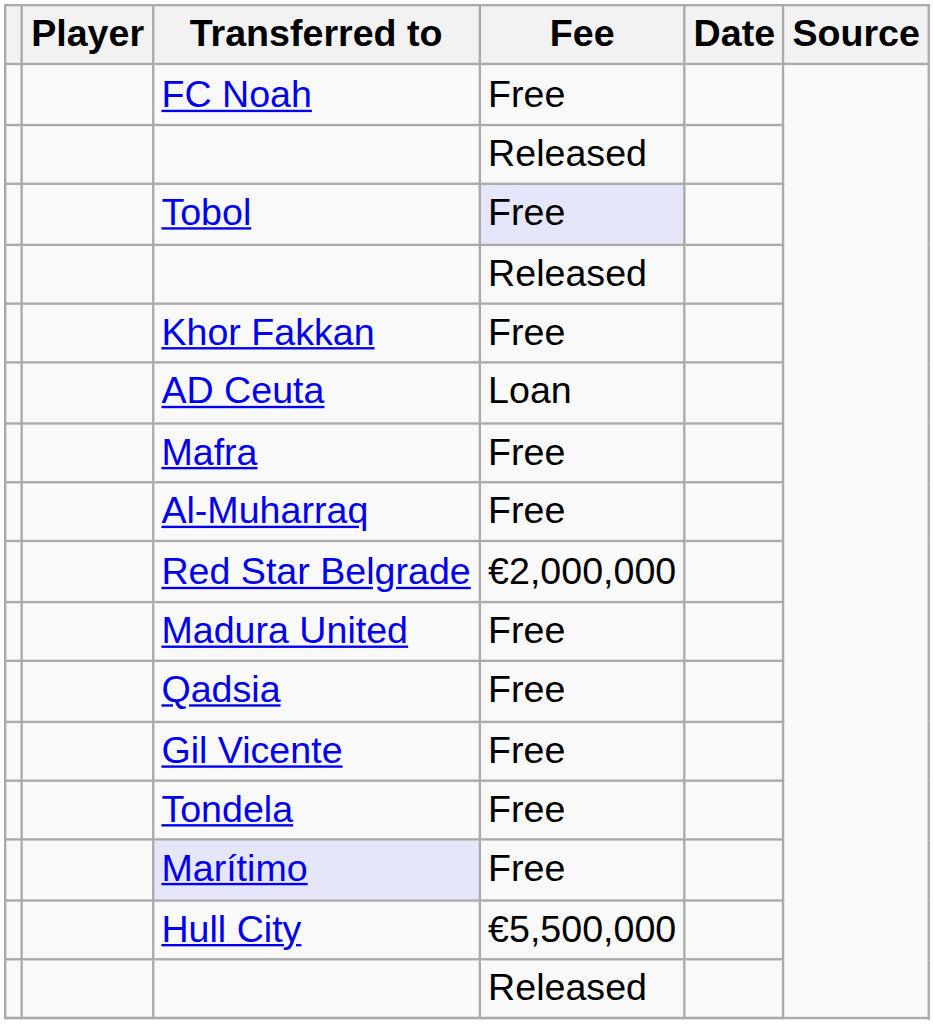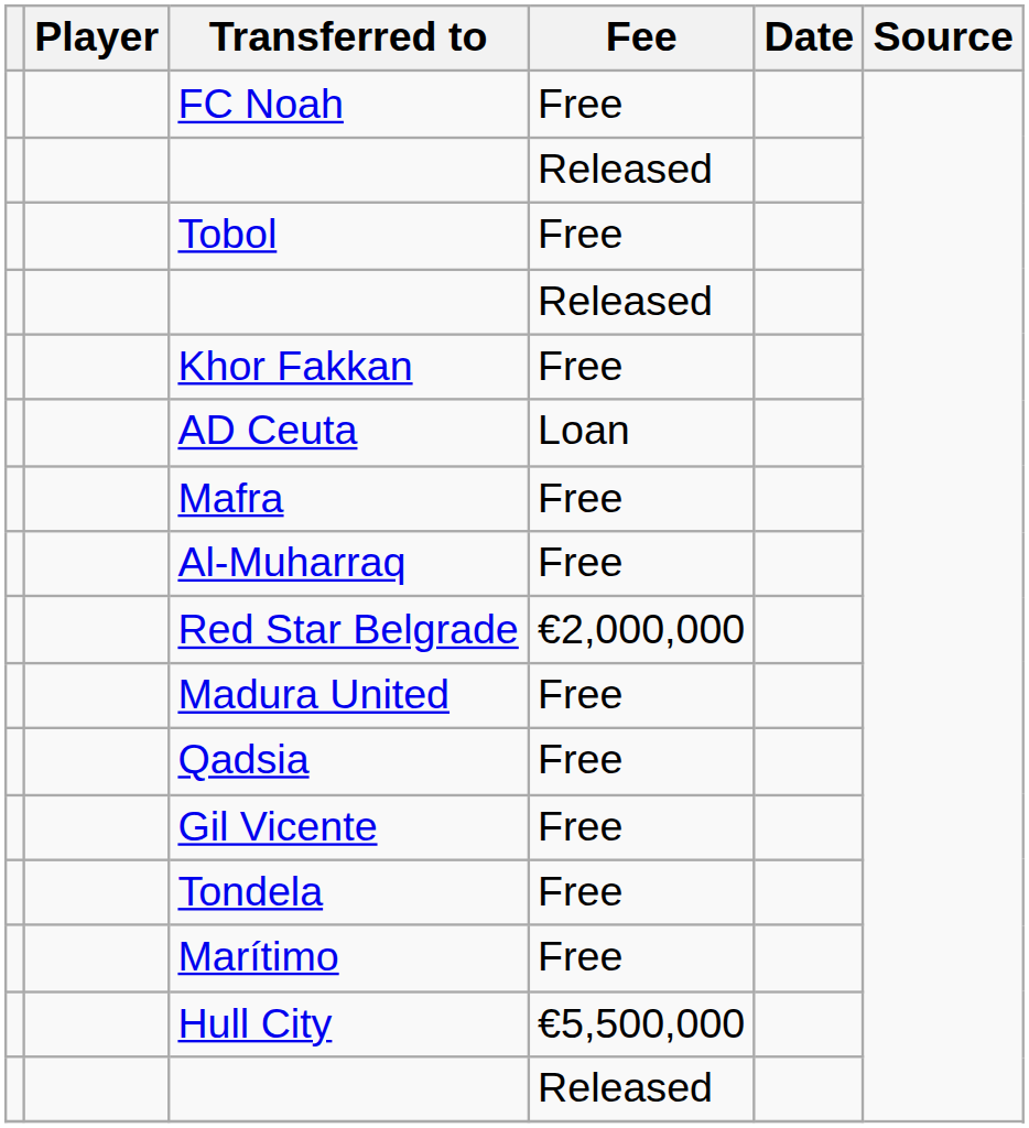 <table class="wikitable plainrowheaders sortable">
 <tr>
 <th></th>
 <th scope="col">Player</th>
 <th>Transferred to</th>
 <th style="width: 65px;">Fee</th>
 <th scope="col">Date</th>
 <th scope="col">Source</th>
 </tr>
 <tr>
 <td align="center"></td>
 <td></td>
 <td> <a href='#'>FC Noah</a></td>
 <td>Free</td>
 <td></td>
 </tr>
 <tr>
 <td align="center"></td>
 <td></td>
 <td></td>
 <td>Released</td>
 <td></td>
 </tr>
 <tr>
 <td align="center"></td>
 <td></td>
 <td> <a href='#'>Tobol</a></td>
-<td style="background: lavender;">Free</td>
+<td>Free</td>
 <td></td>
 </tr>
 <tr>
 <td align="center"></td>
 <td></td>
 <td></td>
 <td>Released</td>
 <td></td>
 </tr>
 <tr>
 <td align="center"></td>
 <td></td>
 <td> <a href='#'>Khor Fakkan</a></td>
 <td>Free</td>
 <td></td>
 </tr>
 <tr>
 <td align="center"></td>
 <td></td>
 <td> <a href='#'>AD Ceuta</a></td>
 <td>Loan</td>
 <td></td>
 </tr>
 <tr>
 <td align="center"></td>
 <td></td>
 <td> <a href='#'>Mafra</a></td>
 <td>Free</td>
 <td></td>
 </tr>
 <tr>
 <td align="center"></td>
 <td></td>
 <td> <a href='#'>Al-Muharraq</a></td>
 <td>Free</td>
 <td></td>
 </tr>
 <tr>
 <td align="center"></td>
 <td></td>
 <td> <a href='#'>Red Star Belgrade</a></td>
 <td>€2,000,000</td>
 <td></td>
 </tr>
 <tr>
 <td align="center"></td>
 <td></td>
 <td> <a href='#'>Madura United</a></td>
 <td>Free</td>
 <td></td>
 </tr>
 <tr>
 <td align="center"></td>
 <td></td>
 <td> <a href='#'>Qadsia</a></td>
 <td>Free</td>
 <td></td>
 </tr>
 <tr>
 <td align="center"></td>
 <td></td>
 <td> <a href='#'>Gil Vicente</a></td>
 <td>Free</td>
 <td></td>
 </tr>
 <tr>
 <td align="center"></td>
 <td></td>
 <td> <a href='#'>Tondela</a></td>
 <td>Free</td>
 <td></td>
 </tr>
 <tr>
 <td align="center"></td>
 <td></td>
-<td style="background: lavender;"> <a href='#'>Marítimo</a></td>
+<td> <a href='#'>Marítimo</a></td>
 <td>Free</td>
 <td></td>
 </tr>
 <tr>
 <td align="center"></td>
 <td></td>
 <td> <a href='#'>Hull City</a></td>
 <td>€5,500,000</td>
 <td></td>
 </tr>
 <tr>
 <td align="center"></td>
 <td></td>
 <td></td>
 <td>Released</td>
 <td></td>
 </tr>
 <tr>
 </tr>
 </table>
